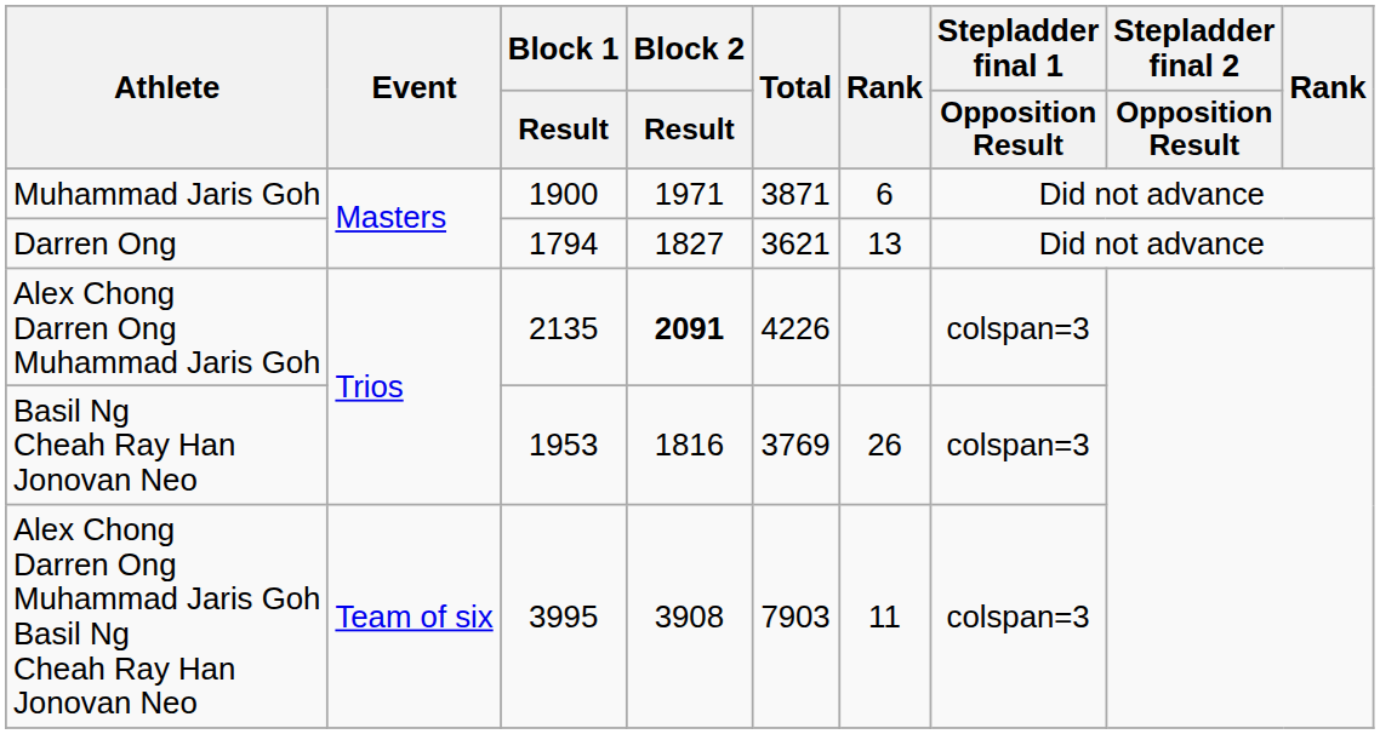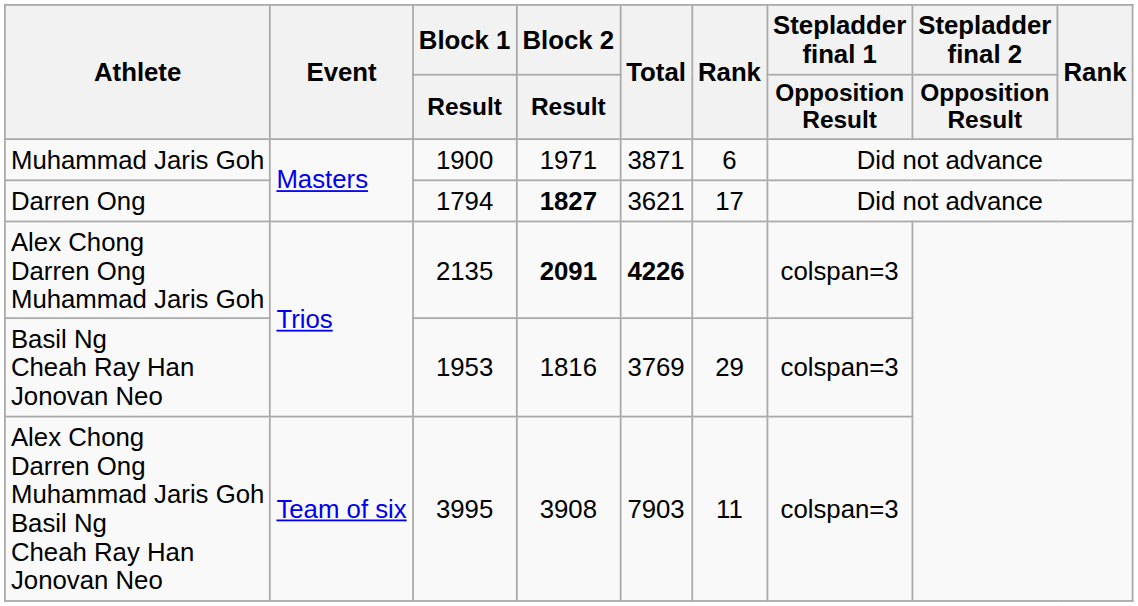 <table class=wikitable style=font-size:90%;text-align:center>
 <tr>
 <th rowspan="2">Athlete</th>
 <th rowspan="2">Event</th>
 <th>Block 1</th>
 <th>Block 2</th>
 <th rowspan="2">Total</th>
 <th rowspan="2">Rank</th>
 <th>Stepladder<br>final 1</th>
 <th>Stepladder<br>final 2</th>
 <th rowspan="2">Rank</th>
 </tr>
 <tr style="font-size:95%">
 <th>Result</th>
 <th>Result</th>
 <th>Opposition<br>Result</th>
 <th>Opposition<br>Result</th>
 </tr>
 <tr>
 <td align=left>Muhammad Jaris Goh</td>
 <td align=left rowspan=2><a href='#'>Masters</a></td>
 <td>1900</td>
 <td>1971</td>
 <td>3871</td>
 <td>6</td>
 <td colspan=3>Did not advance</td>
 </tr>
 <tr>
 <td align=left>Darren Ong</td>
 <td>1794</td>
-<td>1827</td>
+<td><strong>1827</strong></td>
 <td>3621</td>
-<td>13</td>
+<td>17</td>
 <td colspan=3>Did not advance</td>
 </tr>
 <tr>
 <td align=left>Alex Chong<br>Darren Ong<br>Muhammad Jaris Goh</td>
 <td align=left rowspan=2><a href='#'>Trios</a></td>
 <td>2135</td>
 <td><strong>2091</strong></td>
-<td>4226</td>
+<td><strong>4226</strong></td>
 <td></td>
 <td>colspan=3 </td>
 </tr>
 <tr>
 <td align=left>Basil Ng<br>Cheah Ray Han<br>Jonovan Neo</td>
 <td>1953</td>
 <td>1816</td>
 <td>3769</td>
-<td>26</td>
+<td>29</td>
 <td>colspan=3 </td>
 </tr>
 <tr>
 <td align=left>Alex Chong<br>Darren Ong<br>Muhammad Jaris Goh<br>Basil Ng<br>Cheah Ray Han<br>Jonovan Neo</td>
 <td align=left><a href='#'>Team of six</a></td>
 <td>3995</td>
 <td>3908</td>
 <td>7903</td>
 <td>11</td>
 <td>colspan=3 </td>
 </tr>
 </table>
